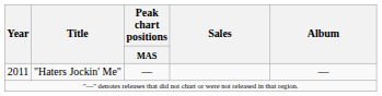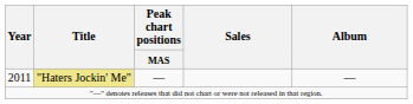 <table class="wikitable" style="text-align:center;">
 <tr>
 <th rowspan="2">Year</th>
 <th rowspan="2">Title</th>
 <th colspan="1">Peak chart positions</th>
 <th rowspan="2" width="140">Sales</th>
 <th rowspan="2" width="150">Album</th>
 </tr>
 <tr>
 <th width="40"><small>MAS</small></th>
 </tr>
 <tr>
 <td rowspan="1">2011</td>
-<td align="left">"Haters Jockin' Me"<br></td>
+<td align="left" style="background: khaki;">"Haters Jockin' Me"<br></td>
 <td>—</td>
 <td></td>
 <td>—</td>
 </tr>
 <tr>
 <td colspan="6" style="text-align:center; font-size:8pt;">"—" denotes releases that did not chart or were not released in that region.</td>
 </tr>
 </table>
